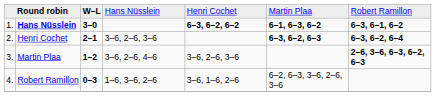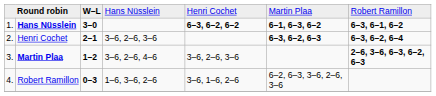 <table class="wikitable" style=font-size:89%>
 <tr bgcolor="#eeeeee">
 <td colspan="2" align="center"><strong>Round robin</strong></td>
 <td><strong>W–L</strong></td>
 <td width=130> <a href='#'>Hans Nüsslein</a></td>
 <td width=130> <a href='#'>Henri Cochet</a></td>
 <td width=130> <a href='#'>Martin Plaa</a></td>
 <td width=130> <a href='#'>Robert Ramillon</a></td>
 </tr>
 <tr>
 <td>1.</td>
 <td><strong> <a href='#'>Hans Nüsslein</a></strong></td>
 <td><strong>3–0</strong></td>
 <td></td>
 <td><strong>6–3, 6–2, 6–2</strong></td>
 <td><strong>6–1, 6–3, 6–2</strong></td>
 <td><strong>6–3, 6–1, 6–2</strong></td>
 </tr>
 <tr>
 <td>2.</td>
 <td> <a href='#'>Henri Cochet</a></td>
 <td><strong>2–1</strong></td>
 <td>3–6, 2–6, 3–6</td>
 <td></td>
 <td><strong>6–3, 6–2, 6–3</strong></td>
 <td><strong>6–3, 6–2, 6–4</strong></td>
 </tr>
 <tr>
 <td>3.</td>
-<td> <a href='#'>Martin Plaa</a></td>
+<td><strong> <a href='#'>Martin Plaa</a></strong></td>
 <td><strong>1–2</strong></td>
 <td>3–6, 2–6, 4–6</td>
 <td>3–6, 2–6, 3–6</td>
 <td></td>
 <td><strong>2–6, 3–6, 6–3, 6–2, 6–3</strong></td>
 </tr>
 <tr>
 <td>4.</td>
 <td> <a href='#'>Robert Ramillon</a></td>
 <td><strong>0–3</strong></td>
 <td>1–6, 3–6, 2–6</td>
 <td>3–6, 1–6, 2–6</td>
 <td>6–2, 6–3, 3–6, 2–6, 3–6</td>
 <td></td>
 </tr>
 <tr>
 </tr>
 </table>
